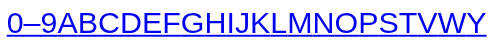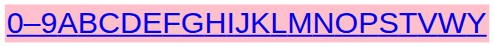 <table id="toc" class="toc" summary="Class">
 <tr>
 <th></th>
 </tr>
 <tr>
-<td style="text-align:center;"><a href='#'>0–9</a><a href='#'>A</a><a href='#'>B</a><a href='#'>C</a><a href='#'>D</a><a href='#'>E</a><a href='#'>F</a><a href='#'>G</a><a href='#'>H</a><a href='#'>I</a><a href='#'>J</a><a href='#'>K</a><a href='#'>L</a><a href='#'>M</a><a href='#'>N</a><a href='#'>O</a><a href='#'>P</a><a href='#'>S</a><a href='#'>T</a><a href='#'>V</a><a href='#'>W</a><a href='#'>Y</a></td>
+<td style="background: pink; text-align:center;"><a href='#'>0–9</a><a href='#'>A</a><a href='#'>B</a><a href='#'>C</a><a href='#'>D</a><a href='#'>E</a><a href='#'>F</a><a href='#'>G</a><a href='#'>H</a><a href='#'>I</a><a href='#'>J</a><a href='#'>K</a><a href='#'>L</a><a href='#'>M</a><a href='#'>N</a><a href='#'>O</a><a href='#'>P</a><a href='#'>S</a><a href='#'>T</a><a href='#'>V</a><a href='#'>W</a><a href='#'>Y</a></td>
 </tr>
 </table>
